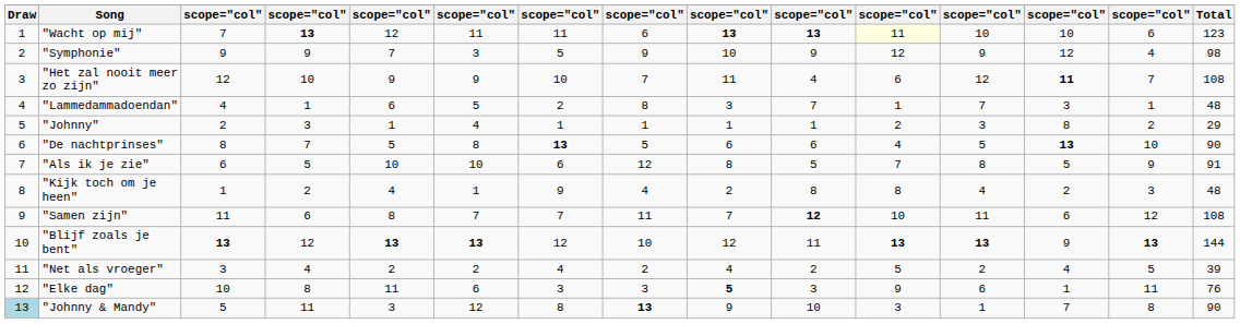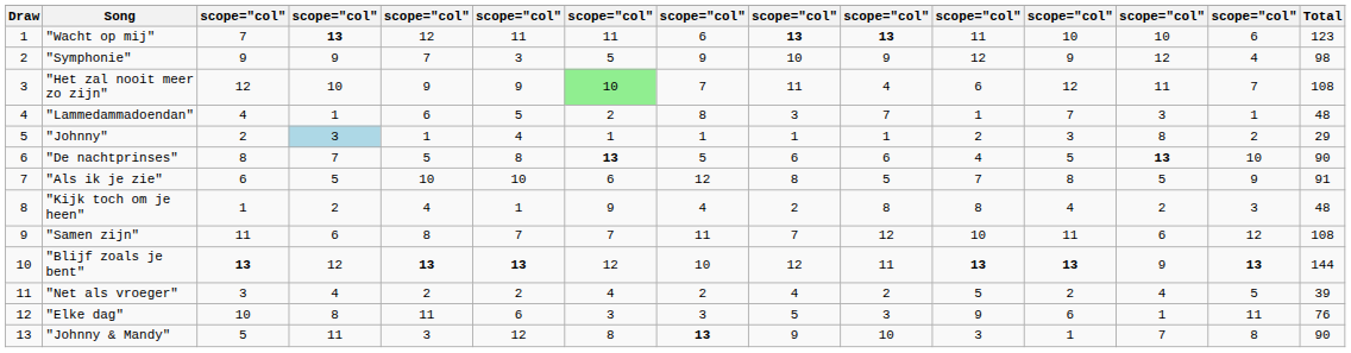 <table class="wikitable plainrowheaders" style="margin: 1em auto 1em auto; text-align:center;">
 <tr>
 </tr>
 <tr>
 <th scope="col">Draw</th>
 <th scope="col">Song</th>
 <th>scope="col" </th>
 <th>scope="col" </th>
 <th>scope="col" </th>
 <th>scope="col" </th>
 <th>scope="col" </th>
 <th>scope="col" </th>
 <th>scope="col" </th>
 <th>scope="col" </th>
 <th>scope="col" </th>
 <th>scope="col" </th>
 <th>scope="col" </th>
 <th>scope="col" </th>
 <th scope="col">Total</th>
 </tr>
 <tr>
 <td>1</td>
 <td align="left">"Wacht op mij"</td>
 <td>7</td>
 <td><strong>13</strong></td>
 <td>12</td>
 <td>11</td>
 <td>11</td>
 <td>6</td>
 <td><strong>13</strong></td>
 <td><strong>13</strong></td>
-<td style="background: lightyellow;">11</td>
+<td>11</td>
 <td>10</td>
 <td>10</td>
 <td>6</td>
 <td>123</td>
 </tr>
 <tr>
 <td>2</td>
 <td align="left">"Symphonie"</td>
 <td>9</td>
 <td>9</td>
 <td>7</td>
 <td>3</td>
 <td>5</td>
 <td>9</td>
 <td>10</td>
 <td>9</td>
 <td>12</td>
 <td>9</td>
 <td>12</td>
 <td>4</td>
 <td>98</td>
 </tr>
 <tr>
 <td>3</td>
 <td align="left">"Het zal nooit meer zo zijn"</td>
 <td>12</td>
 <td>10</td>
 <td>9</td>
 <td>9</td>
-<td>10</td>
+<td style="background: lightgreen;">10</td>
 <td>7</td>
 <td>11</td>
 <td>4</td>
 <td>6</td>
 <td>12</td>
-<td><strong>11</strong></td>
+<td>11</td>
 <td>7</td>
 <td>108</td>
 </tr>
 <tr>
 <td>4</td>
 <td align="left">"Lammedammadoendan"</td>
 <td>4</td>
 <td>1</td>
 <td>6</td>
 <td>5</td>
 <td>2</td>
 <td>8</td>
 <td>3</td>
 <td>7</td>
 <td>1</td>
 <td>7</td>
 <td>3</td>
 <td>1</td>
 <td>48</td>
 </tr>
 <tr>
 <td>5</td>
 <td align="left">"Johnny"</td>
 <td>2</td>
-<td>3</td>
+<td style="background: lightblue;">3</td>
 <td>1</td>
 <td>4</td>
 <td>1</td>
 <td>1</td>
 <td>1</td>
 <td>1</td>
 <td>2</td>
 <td>3</td>
 <td>8</td>
 <td>2</td>
 <td>29</td>
 </tr>
 <tr>
 <td>6</td>
 <td align="left">"De nachtprinses"</td>
 <td>8</td>
 <td>7</td>
 <td>5</td>
 <td>8</td>
 <td><strong>13</strong></td>
 <td>5</td>
 <td>6</td>
 <td>6</td>
 <td>4</td>
 <td>5</td>
 <td><strong>13</strong></td>
 <td>10</td>
 <td>90</td>
 </tr>
 <tr>
 <td>7</td>
 <td align="left">"Als ik je zie"</td>
 <td>6</td>
 <td>5</td>
 <td>10</td>
 <td>10</td>
 <td>6</td>
 <td>12</td>
 <td>8</td>
 <td>5</td>
 <td>7</td>
 <td>8</td>
 <td>5</td>
 <td>9</td>
 <td>91</td>
 </tr>
 <tr>
 <td>8</td>
 <td align="left">"Kijk toch om je heen"</td>
 <td>1</td>
 <td>2</td>
 <td>4</td>
 <td>1</td>
 <td>9</td>
 <td>4</td>
 <td>2</td>
 <td>8</td>
 <td>8</td>
 <td>4</td>
 <td>2</td>
 <td>3</td>
 <td>48</td>
 </tr>
 <tr>
 <td>9</td>
 <td align="left">"Samen zijn"</td>
 <td>11</td>
 <td>6</td>
 <td>8</td>
 <td>7</td>
 <td>7</td>
 <td>11</td>
 <td>7</td>
-<td><strong>12</strong></td>
+<td>12</td>
 <td>10</td>
 <td>11</td>
 <td>6</td>
 <td>12</td>
 <td>108</td>
 </tr>
 <tr>
 <td>10</td>
 <td align="left">"Blijf zoals je bent"</td>
 <td><strong>13</strong></td>
 <td>12</td>
 <td><strong>13</strong></td>
 <td><strong>13</strong></td>
 <td>12</td>
 <td>10</td>
 <td>12</td>
 <td>11</td>
 <td><strong>13</strong></td>
 <td><strong>13</strong></td>
 <td>9</td>
 <td><strong>13</strong></td>
 <td>144</td>
 </tr>
 <tr>
 <td>11</td>
 <td align="left">"Net als vroeger"</td>
 <td>3</td>
 <td>4</td>
 <td>2</td>
 <td>2</td>
 <td>4</td>
 <td>2</td>
 <td>4</td>
 <td>2</td>
 <td>5</td>
 <td>2</td>
 <td>4</td>
 <td>5</td>
 <td>39</td>
 </tr>
 <tr>
 <td>12</td>
 <td align="left">"Elke dag"</td>
 <td>10</td>
 <td>8</td>
 <td>11</td>
 <td>6</td>
 <td>3</td>
 <td>3</td>
-<td><strong>5</strong></td>
+<td>5</td>
 <td>3</td>
 <td>9</td>
 <td>6</td>
 <td>1</td>
 <td>11</td>
 <td>76</td>
 </tr>
 <tr>
-<td style="background: lightblue;">13</td>
+<td>13</td>
 <td align="left">"Johnny & Mandy"</td>
 <td>5</td>
 <td>11</td>
 <td>3</td>
 <td>12</td>
 <td>8</td>
 <td><strong>13</strong></td>
 <td>9</td>
 <td>10</td>
 <td>3</td>
 <td>1</td>
 <td>7</td>
 <td>8</td>
 <td>90</td>
 </tr>
 </table>
